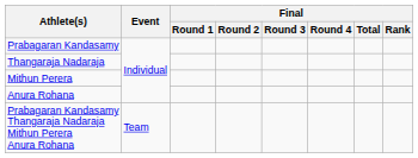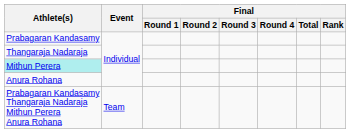 <table class="wikitable" border="1" style="font-size:90%;text-align:center">
 <tr>
 <th rowspan=2>Athlete(s)</th>
 <th rowspan=2>Event</th>
 <th colspan=6>Final</th>
 </tr>
 <tr>
 <th>Round 1</th>
 <th>Round 2</th>
 <th>Round 3</th>
 <th>Round 4</th>
 <th>Total</th>
 <th>Rank</th>
 </tr>
 <tr>
 <td align=left><a href='#'>Prabagaran Kandasamy</a></td>
 <td align=left rowspan=4><a href='#'>Individual</a></td>
 <td></td>
 <td></td>
 <td></td>
 <td></td>
 <td></td>
 <td></td>
 </tr>
 <tr>
 <td align=left><a href='#'>Thangaraja Nadaraja</a></td>
 <td></td>
 <td></td>
 <td></td>
 <td></td>
 <td></td>
 <td></td>
 </tr>
 <tr>
-<td align=left><a href='#'>Mithun Perera</a></td>
+<td align=left style="background: paleturquoise;"><a href='#'>Mithun Perera</a></td>
 <td></td>
 <td></td>
 <td></td>
 <td></td>
 <td></td>
 <td></td>
 </tr>
 <tr>
 <td align=left><a href='#'>Anura Rohana</a></td>
 <td></td>
 <td></td>
 <td></td>
 <td></td>
 <td></td>
 <td></td>
 </tr>
 <tr>
 <td align=left><a href='#'>Prabagaran Kandasamy</a><br><a href='#'>Thangaraja Nadaraja</a><br><a href='#'>Mithun Perera</a><br><a href='#'>Anura Rohana</a></td>
 <td align=left><a href='#'>Team</a></td>
 <td></td>
 <td></td>
 <td></td>
 <td></td>
 <td></td>
 <td></td>
 </tr>
 </table>
